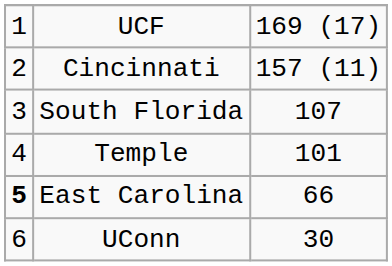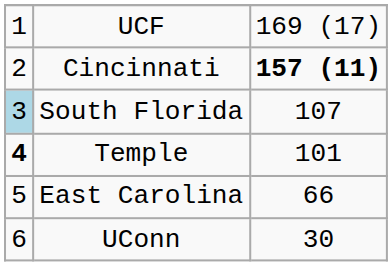 <table class="wikitable" style="display: inline-table;">
 <tr align="center">
 </tr>
 <tr align="center">
 <td>1</td>
 <td>UCF</td>
 <td>169 (17)</td>
 </tr>
 <tr align="center">
 <td>2</td>
 <td>Cincinnati</td>
-<td>157 (11)</td>
+<td><strong>157 (11)</strong></td>
 </tr>
 <tr align="center">
-<td>3</td>
+<td style="background: lightblue;">3</td>
 <td>South Florida</td>
 <td>107</td>
 </tr>
 <tr align="center">
-<td>4</td>
+<td><strong>4</strong></td>
 <td>Temple</td>
 <td>101</td>
 </tr>
 <tr align="center">
-<td><strong>5</strong></td>
+<td>5</td>
 <td>East Carolina</td>
 <td>66</td>
 </tr>
 <tr align="center">
 <td>6</td>
 <td>UConn</td>
 <td>30</td>
 </tr>
 </table>
